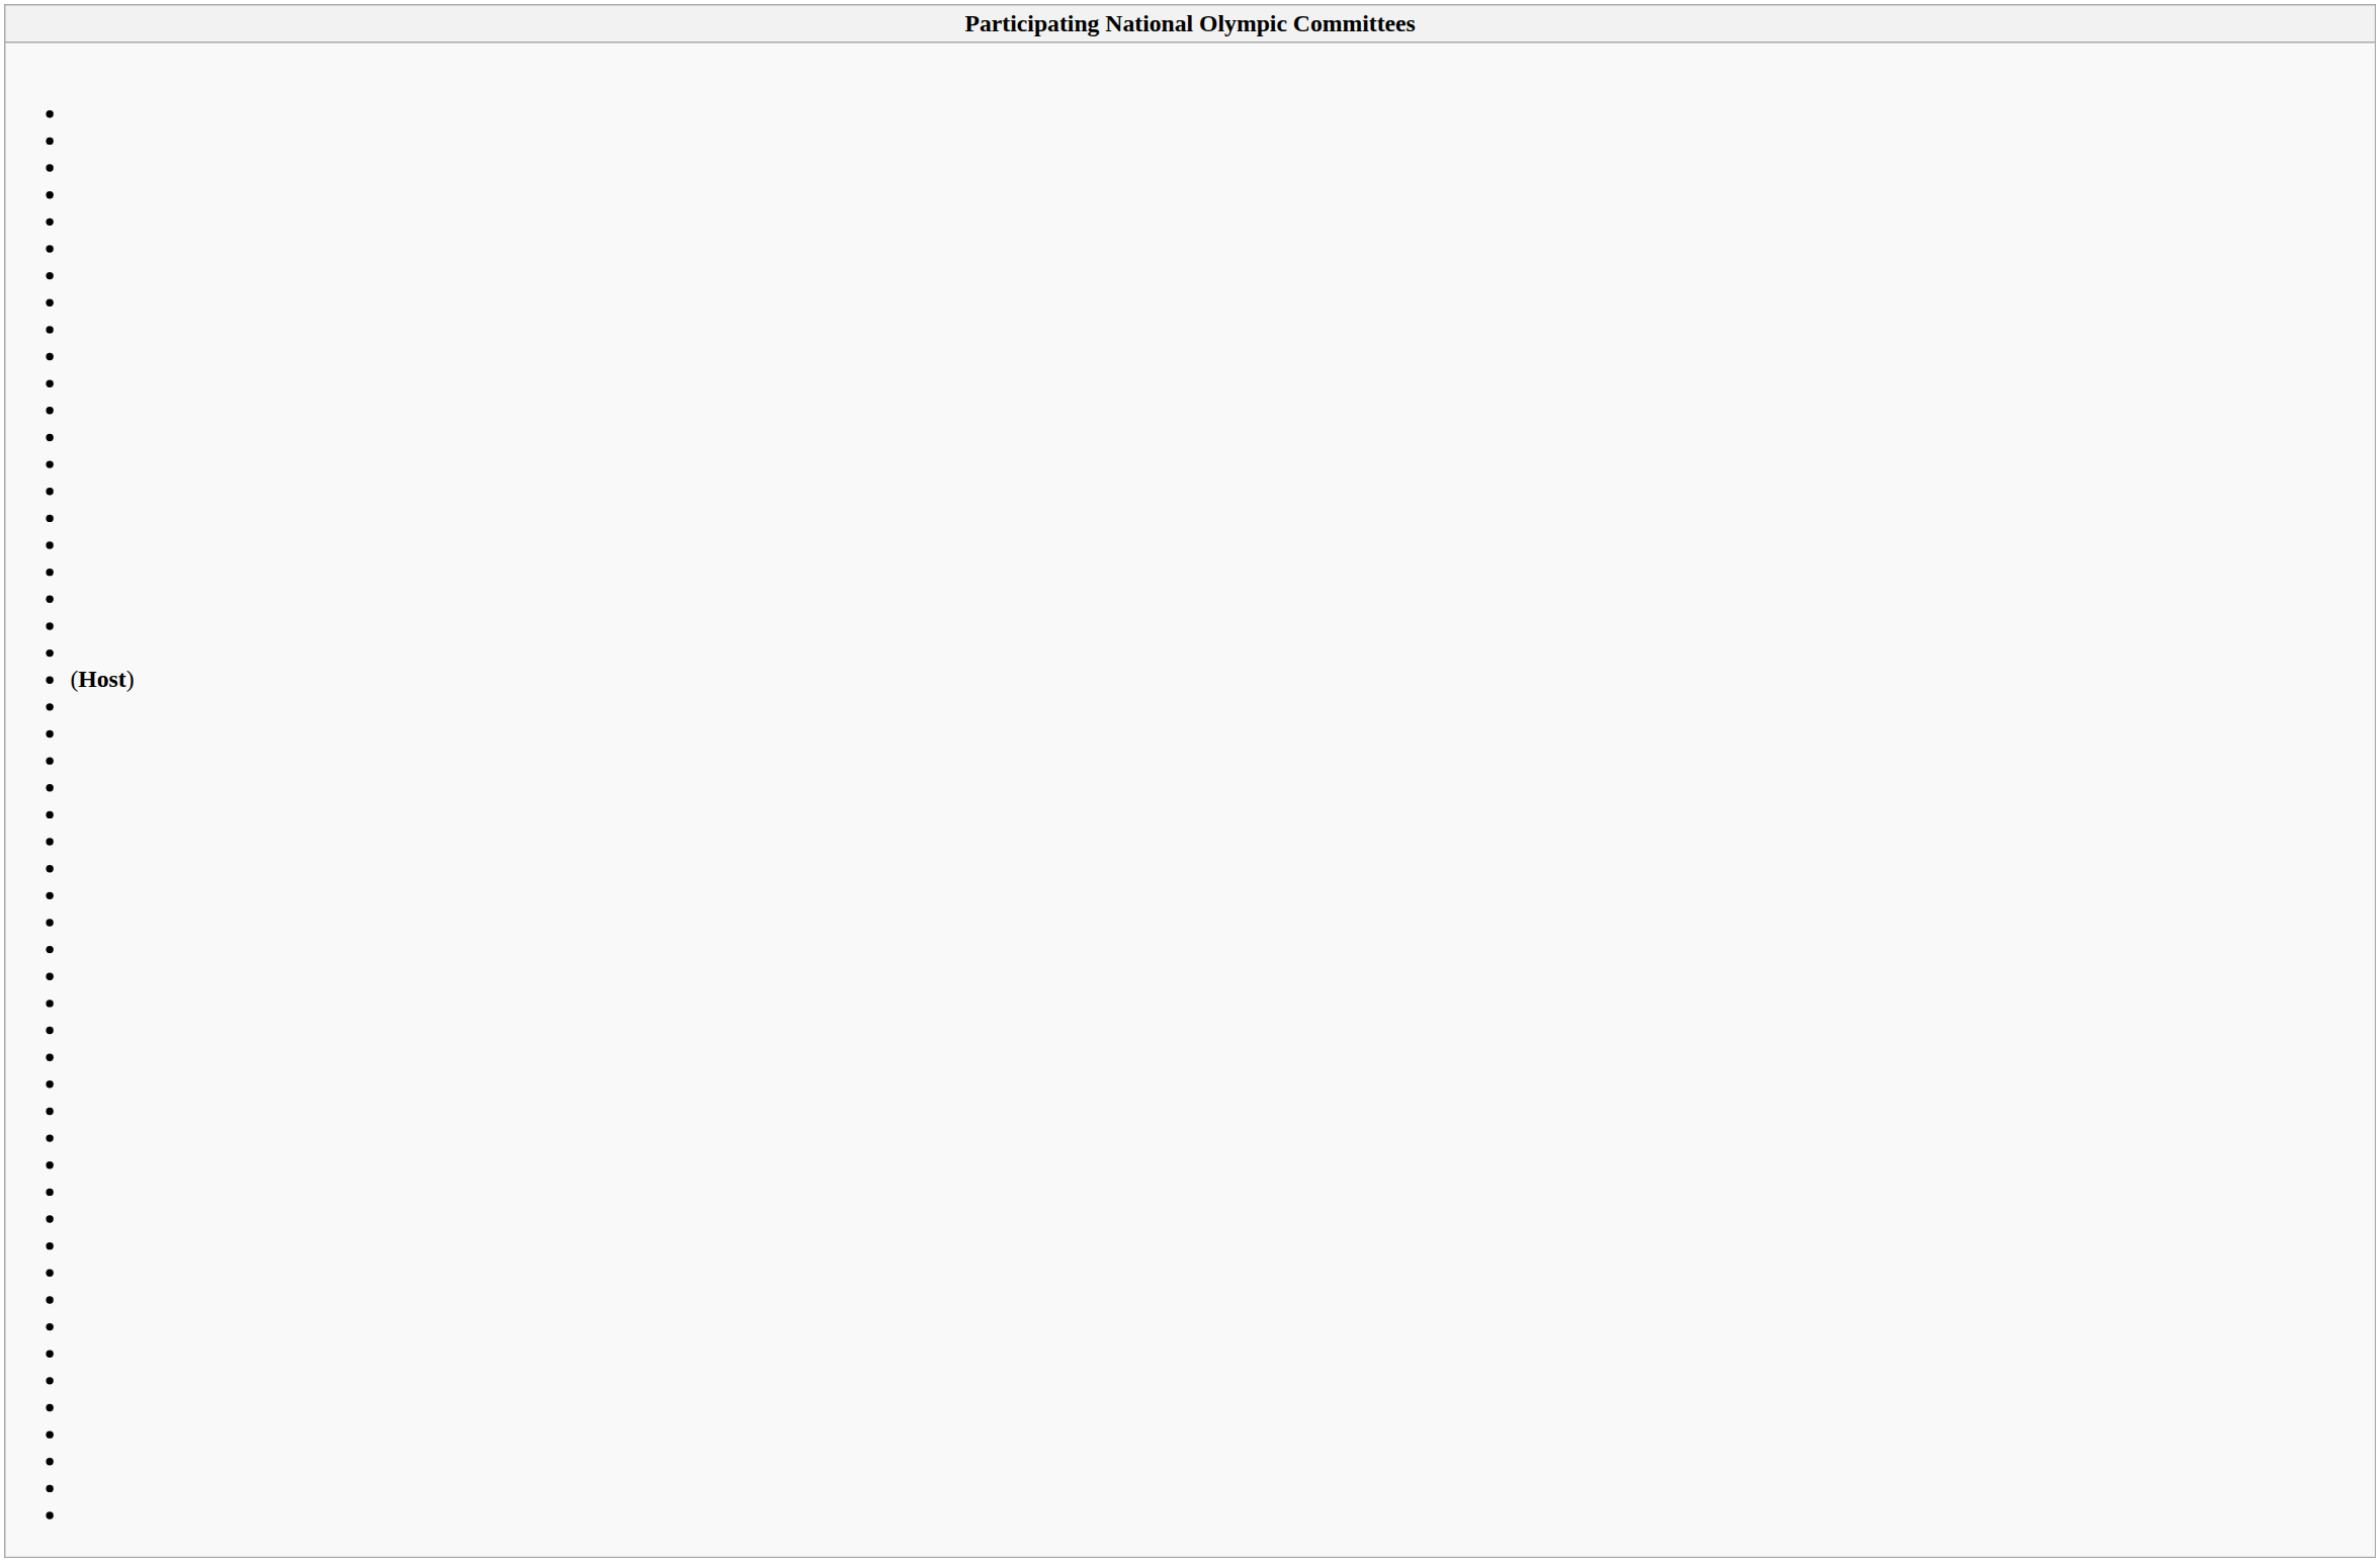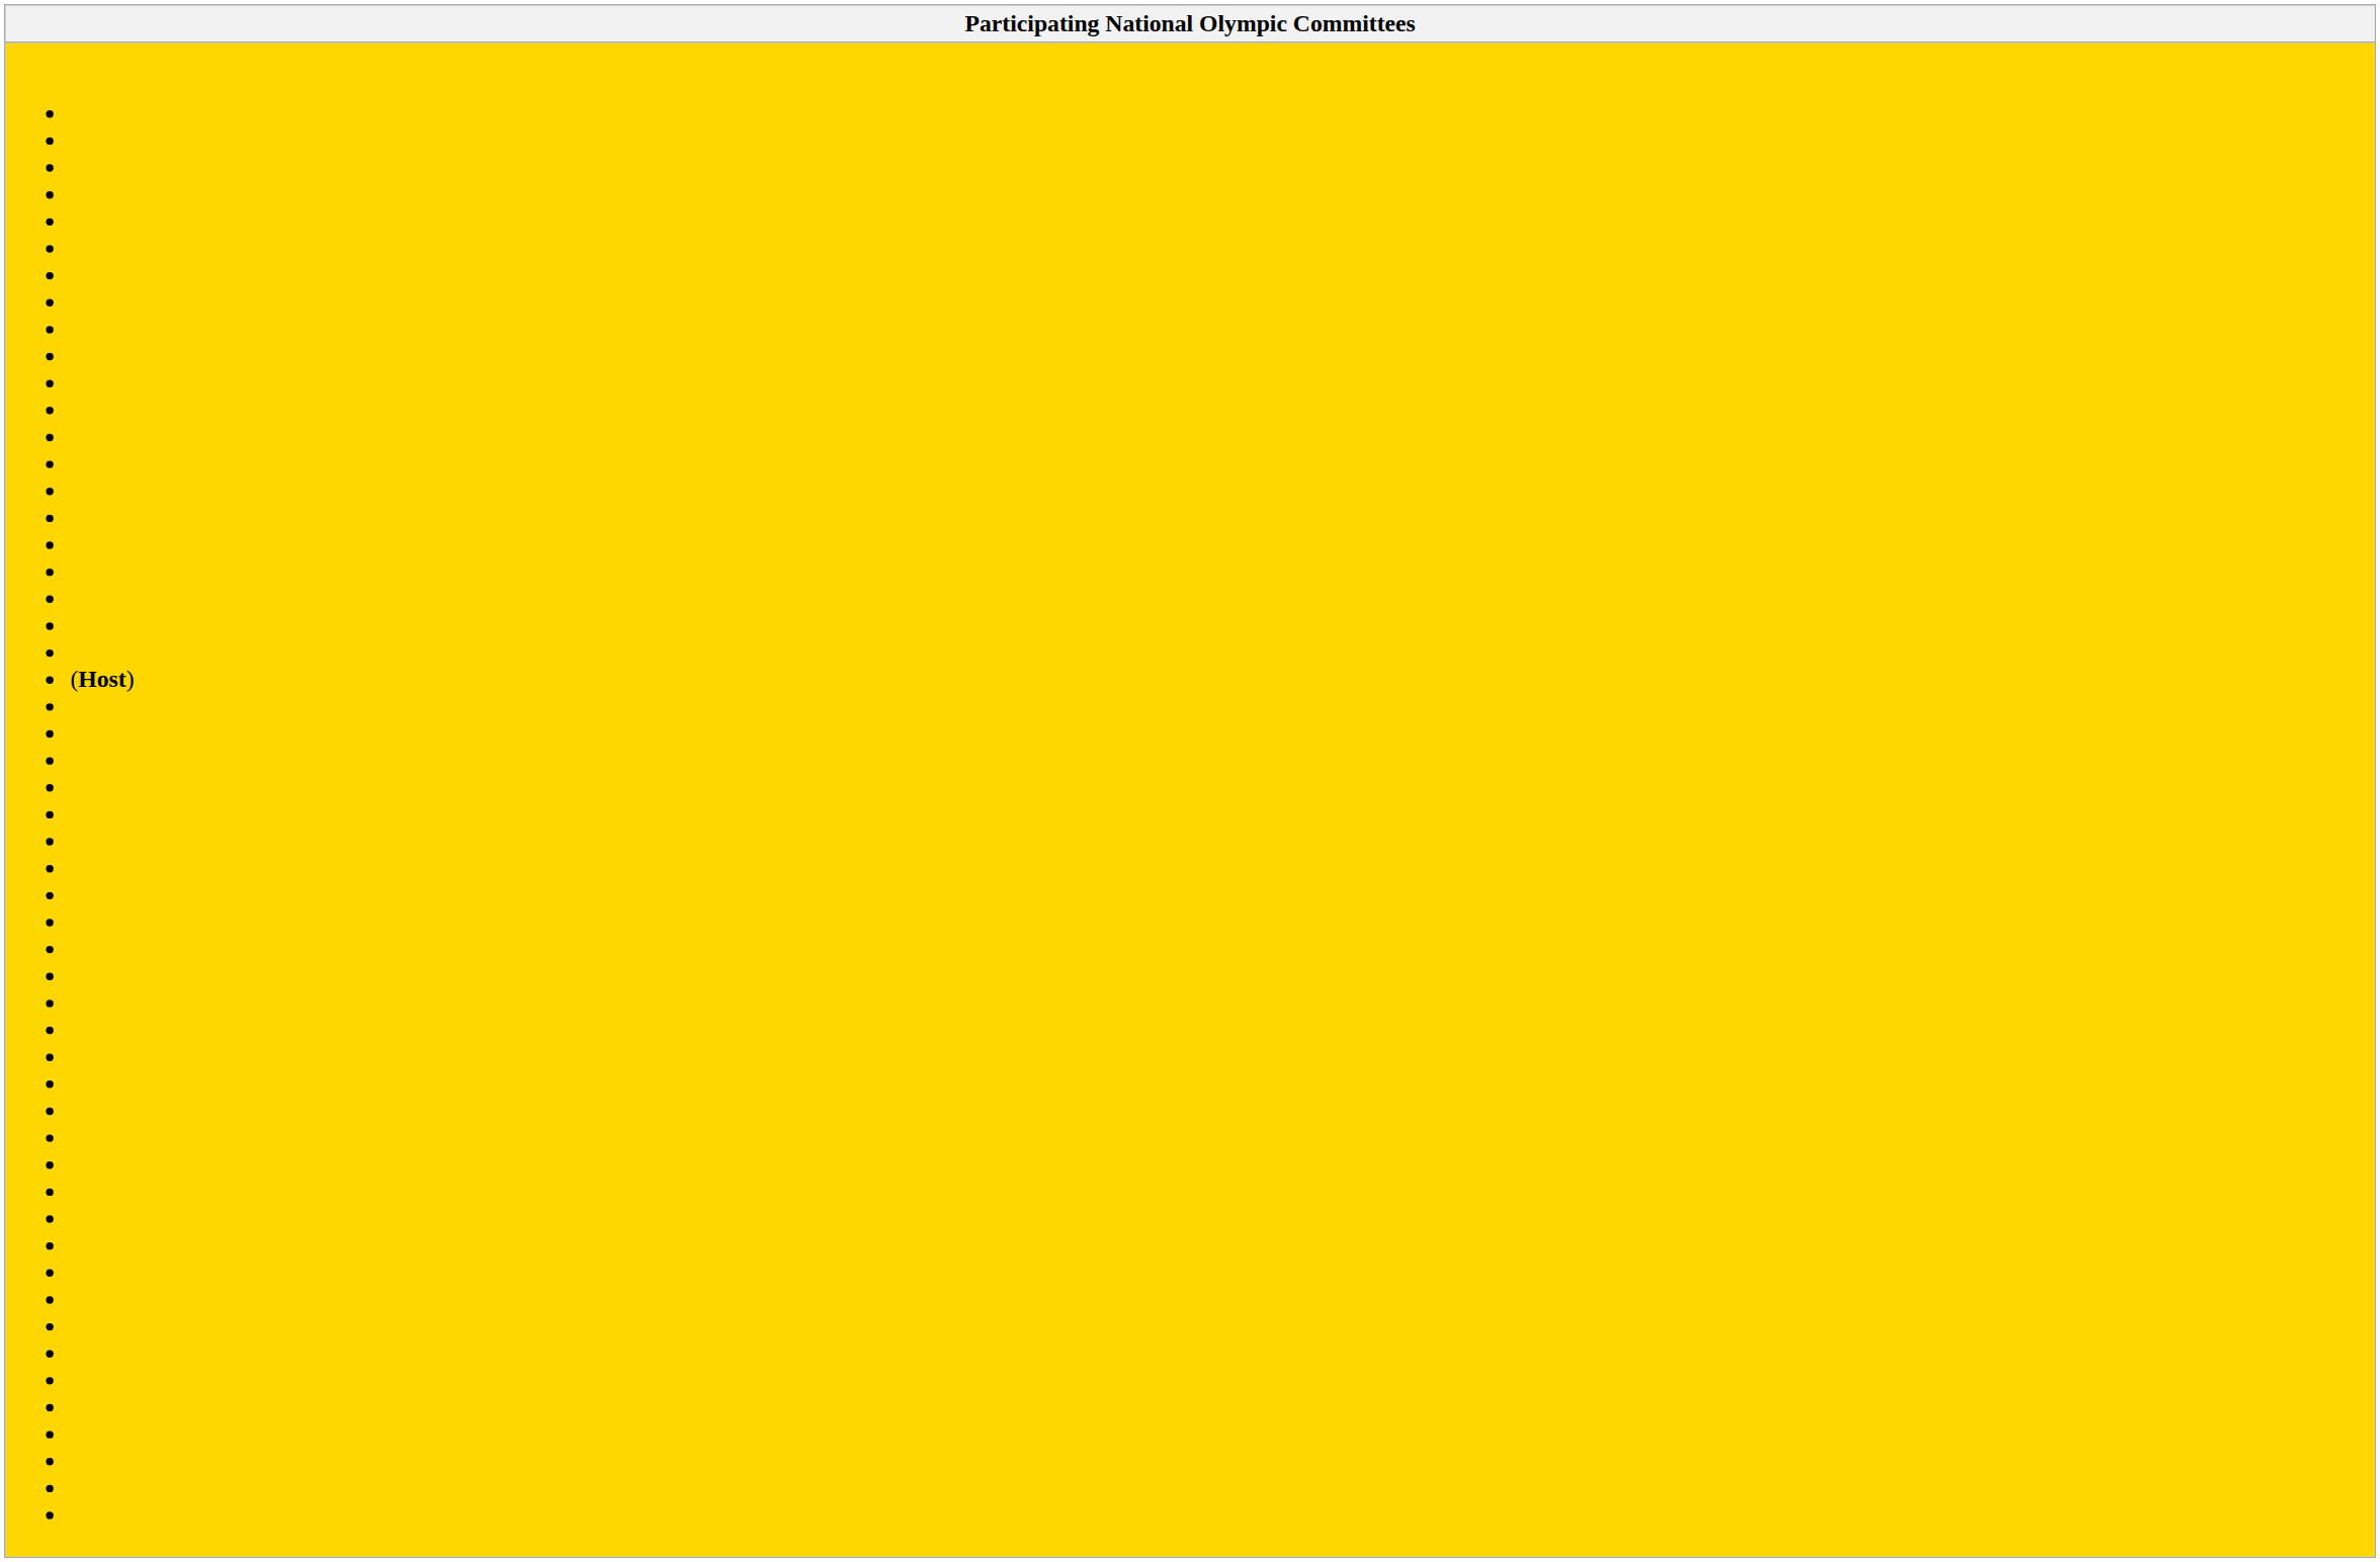 <table class="wikitable collapsible" style="width:100%;">
 <tr>
 <th>Participating National Olympic Committees</th>
 </tr>
 <tr>
-<td><br><ul><li></li><li></li><li></li><li></li><li></li><li></li><li></li><li></li><li></li><li></li><li></li><li></li><li></li><li></li><li></li><li></li><li></li><li></li><li></li><li></li><li></li><li> (<strong>Host</strong>)</li><li></li><li></li><li></li><li></li><li></li><li></li><li></li><li></li><li></li><li></li><li></li><li></li><li></li><li></li><li></li><li></li><li></li><li></li><li></li><li></li><li></li><li></li><li></li><li></li><li></li><li></li><li></li><li></li><li></li><li></li><li></li></ul></td>
+<td style="background: gold;"><br><ul><li></li><li></li><li></li><li></li><li></li><li></li><li></li><li></li><li></li><li></li><li></li><li></li><li></li><li></li><li></li><li></li><li></li><li></li><li></li><li></li><li></li><li> (<strong>Host</strong>)</li><li></li><li></li><li></li><li></li><li></li><li></li><li></li><li></li><li></li><li></li><li></li><li></li><li></li><li></li><li></li><li></li><li></li><li></li><li></li><li></li><li></li><li></li><li></li><li></li><li></li><li></li><li></li><li></li><li></li><li></li><li></li></ul></td>
 </tr>
 </table>
